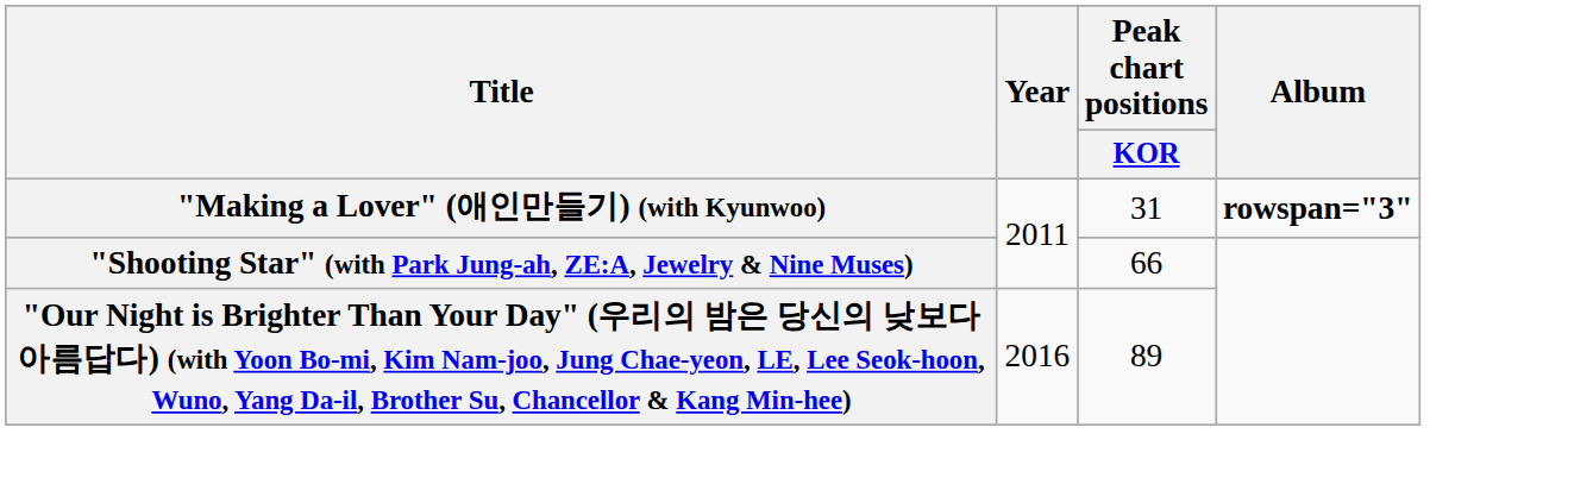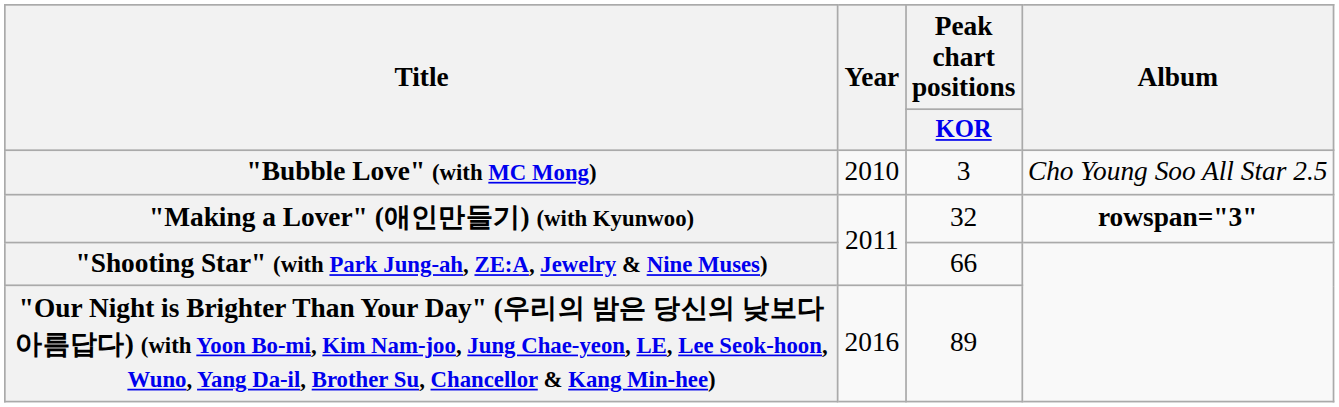 <table class="wikitable plainrowheaders" style="text-align:center">
 <tr>
 <th rowspan="2" scope="col" style="width:30em;">Title</th>
 <th rowspan="2" scope="col">Year</th>
 <th colspan="1" scope="col">Peak chart positions</th>
 <th rowspan="2" scope="col">Album</th>
 </tr>
 <tr>
 <th style="width:3em;font-size:90%"><a href='#'>KOR</a><br></th>
 </tr>
 <tr>
+<th scope="row">"Bubble Love" <small>(with <a href='#'>MC Mong</a>)</small></th>
+<td>2010</td>
+<td>3</td>
+<td><em>Cho Young Soo All Star 2.5</em></td>
+</tr>
+<tr>
 <th scope="row">"Making a Lover" (애인만들기) <small>(with Kyunwoo)</small></th>
 <td rowspan="2">2011</td>
-<td>31</td>
+<td>32</td>
 <td><strong>rowspan="3" </strong></td>
 </tr>
 <tr>
 <th scope="row">"Shooting Star" <small>(with <a href='#'>Park Jung-ah</a>, <a href='#'>ZE:A</a>, <a href='#'>Jewelry</a> & <a href='#'>Nine Muses</a>)</small></th>
 <td>66</td>
 </tr>
 <tr>
 <th scope="row">"Our Night is Brighter Than Your Day" (우리의 밤은 당신의 낮보다 아름답다) <small>(with <a href='#'>Yoon Bo-mi</a>, <a href='#'>Kim Nam-joo</a>, <a href='#'>Jung Chae-yeon</a>, <a href='#'>LE</a>, <a href='#'>Lee Seok-hoon</a>, <a href='#'>Wuno</a>, <a href='#'>Yang Da-il</a>, <a href='#'>Brother Su</a>, <a href='#'>Chancellor</a> & <a href='#'>Kang Min-hee</a>)</small></th>
 <td>2016</td>
 <td>89</td>
 </tr>
 </table>
